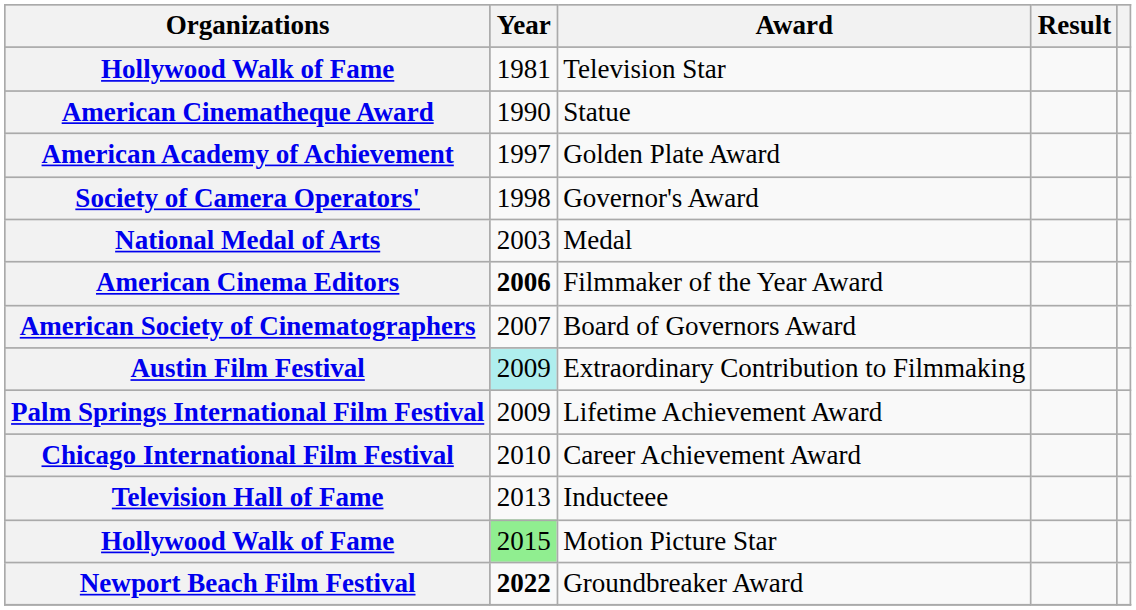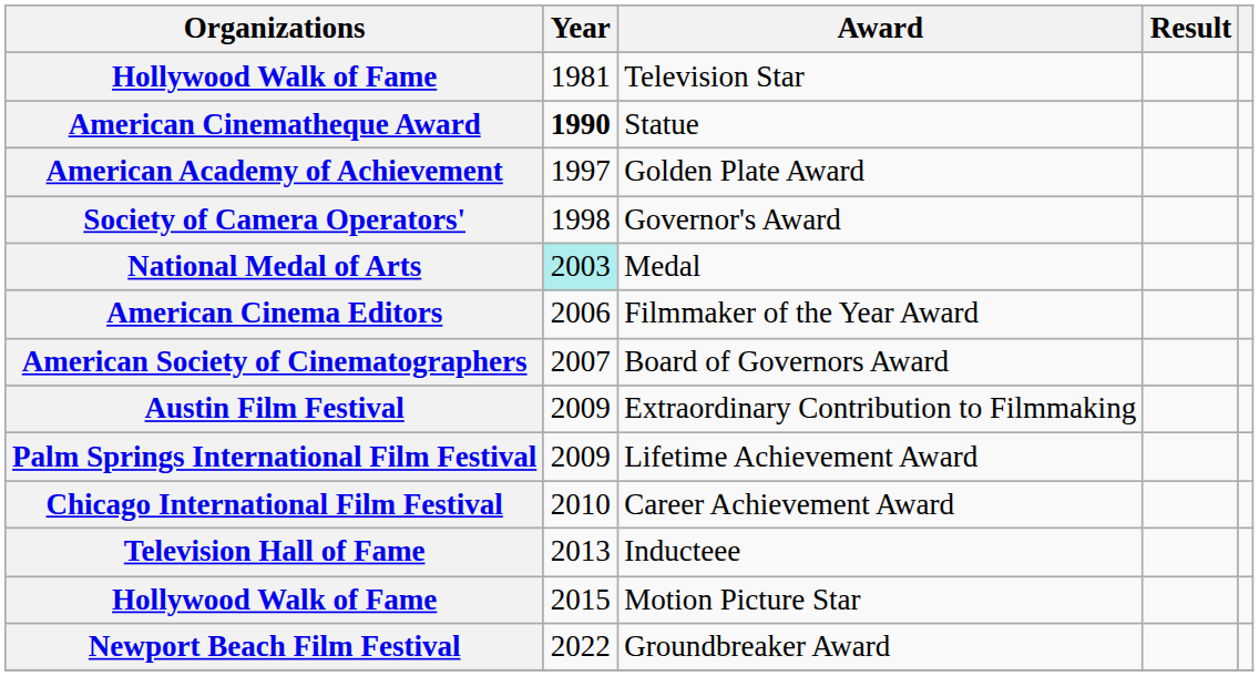 <table class= "wikitable plainrowheaders sortable">
 <tr>
 <th>Organizations</th>
 <th scope="col">Year</th>
 <th scope="col">Award</th>
 <th scope="col">Result</th>
 <th scope="col" class="unsortable"></th>
 </tr>
 <tr>
 <th scope="row" rowspan="1"><a href='#'>Hollywood Walk of Fame</a></th>
 <td style="text-align:center;">1981</td>
 <td>Television Star</td>
 <td></td>
 <td style="text-align:center;"></td>
 </tr>
 <tr>
 <th scope="row" rowspan="1"><a href='#'>American Cinematheque Award</a></th>
-<td style="text-align:center;">1990</td>
+<td style="text-align:center;"><strong>1990</strong></td>
 <td>Statue</td>
 <td></td>
 <td style="text-align:center;"></td>
 </tr>
 <tr>
 <th scope="row" rowspan="1"><a href='#'>American Academy of Achievement</a></th>
 <td style="text-align:center;">1997</td>
 <td>Golden Plate Award</td>
 <td></td>
 <td style="text-align:center;"></td>
 </tr>
 <tr>
 <th scope="row" rowspan="1"><a href='#'>Society of Camera Operators'</a></th>
 <td style="text-align:center;">1998</td>
 <td>Governor's Award</td>
 <td></td>
 <td style="text-align:center;"></td>
 </tr>
 <tr>
 <th scope="row" rowspan="1"><a href='#'>National Medal of Arts</a></th>
-<td style="text-align:center;">2003</td>
+<td style="background: paleturquoise; text-align:center;">2003</td>
 <td>Medal</td>
 <td></td>
 <td style="text-align:center;"></td>
 </tr>
 <tr>
 <th scope="row" rowspan="1"><a href='#'>American Cinema Editors</a></th>
-<td style="text-align:center;"><strong>2006</strong></td>
+<td style="text-align:center;">2006</td>
 <td>Filmmaker of the Year Award</td>
 <td></td>
 <td style="text-align:center;"></td>
 </tr>
 <tr>
 <th scope="row" rowspan="1"><a href='#'>American Society of Cinematographers</a></th>
 <td style="text-align:center;", rowspan="1">2007</td>
 <td>Board of Governors Award</td>
 <td></td>
 <td style="text-align:center;"></td>
 </tr>
 <tr>
 <th rowspan="1" scope="row"><a href='#'>Austin Film Festival</a></th>
-<td style="background: paleturquoise; text-align:center;">2009</td>
+<td style="text-align:center;">2009</td>
 <td>Extraordinary Contribution to Filmmaking</td>
 <td></td>
 <td style="text-align:center;"></td>
 </tr>
 <tr>
 <th rowspan="1" scope="row"><a href='#'>Palm Springs International Film Festival</a></th>
 <td style="text-align:center;">2009</td>
 <td>Lifetime Achievement Award</td>
 <td></td>
 <td style="text-align:center;"></td>
 </tr>
 <tr>
 <th rowspan="1" scope="row"><a href='#'>Chicago International Film Festival</a></th>
 <td style="text-align:center;">2010</td>
 <td>Career Achievement Award</td>
 <td></td>
 <td style="text-align:center;"></td>
 </tr>
 <tr>
 <th scope="row" rowspan="1"><a href='#'>Television Hall of Fame</a></th>
 <td style="text-align:center;">2013</td>
 <td>Inducteee</td>
 <td></td>
 <td style="text-align:center;"></td>
 </tr>
 <tr>
 <th scope="row" rowspan="1"><a href='#'>Hollywood Walk of Fame</a></th>
-<td style="background: lightgreen; text-align:center;">2015</td>
+<td style="text-align:center;">2015</td>
 <td>Motion Picture Star</td>
 <td></td>
 <td style="text-align:center;"></td>
 </tr>
 <tr>
 <th rowspan="1" scope="row"><a href='#'>Newport Beach Film Festival</a></th>
-<td style="text-align:center;"><strong>2022</strong></td>
+<td style="text-align:center;">2022</td>
 <td>Groundbreaker Award</td>
 <td></td>
 <td style="text-align:center;"></td>
 </tr>
 <tr>
 </tr>
 </table>
